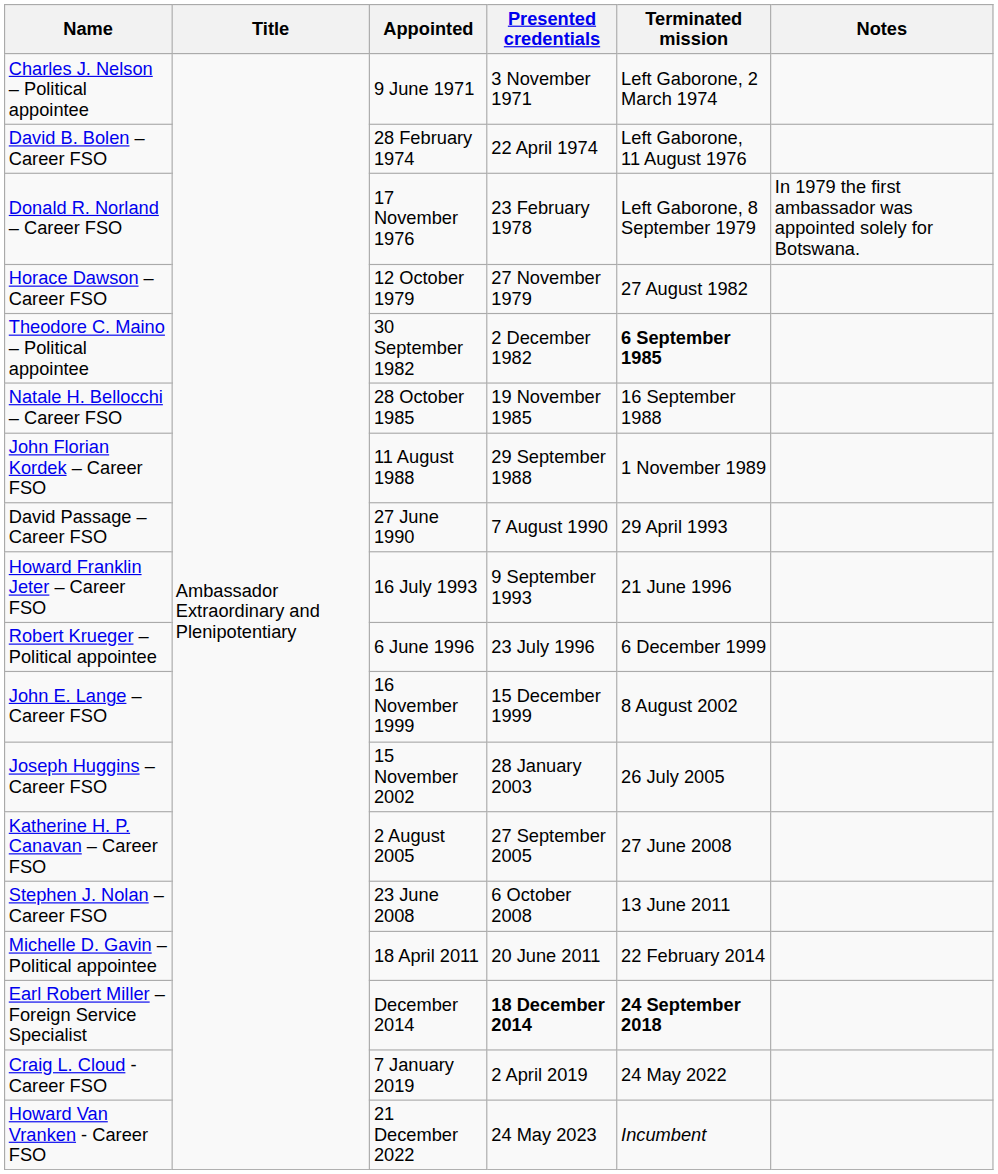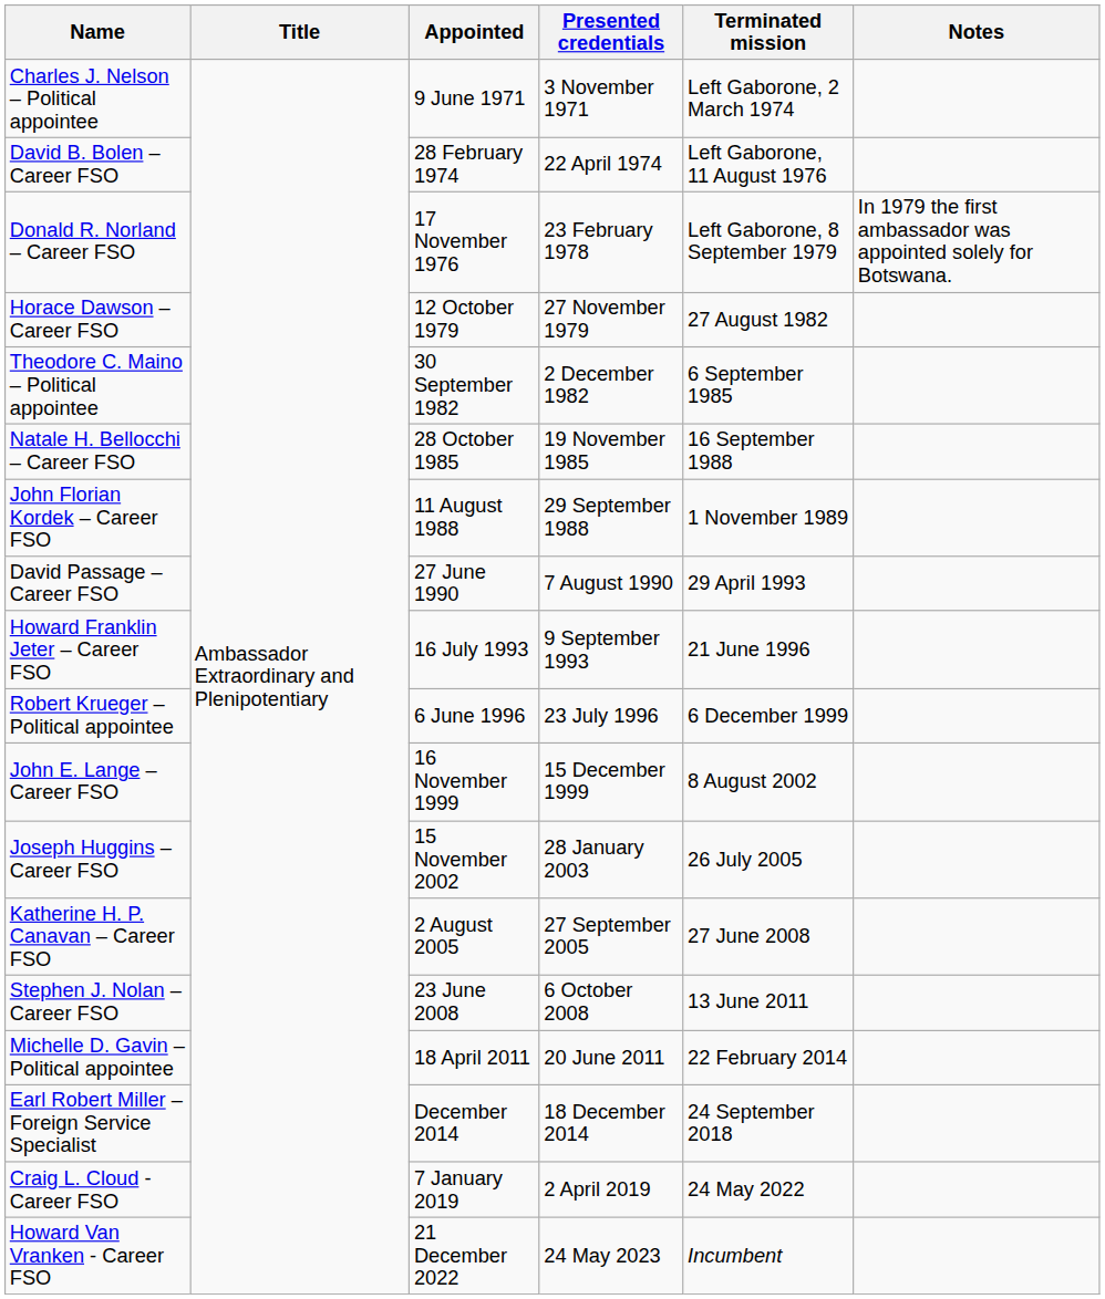 <table class="wikitable">
 <tr>
 <th>Name</th>
 <th>Title</th>
 <th>Appointed</th>
 <th><a href='#'>Presented credentials</a></th>
 <th>Terminated mission</th>
 <th>Notes</th>
 </tr>
 <tr>
 <td><a href='#'>Charles J. Nelson</a> – Political appointee</td>
 <td rowspan="18">Ambassador Extraordinary and Plenipotentiary</td>
 <td>9 June 1971</td>
 <td>3 November 1971</td>
 <td>Left Gaborone, 2 March 1974</td>
 <td></td>
 </tr>
 <tr>
 <td><a href='#'>David B. Bolen</a> – Career FSO</td>
 <td>28 February 1974</td>
 <td>22 April 1974</td>
 <td>Left Gaborone, 11 August 1976</td>
 <td></td>
 </tr>
 <tr>
 <td><a href='#'>Donald R. Norland</a> – Career FSO</td>
 <td>17 November 1976</td>
 <td>23 February 1978</td>
 <td>Left Gaborone, 8 September 1979</td>
 <td>In 1979 the first ambassador was appointed solely for Botswana.</td>
 </tr>
 <tr>
 <td><a href='#'>Horace Dawson</a> – Career FSO</td>
 <td>12 October 1979</td>
 <td>27 November 1979</td>
 <td>27 August 1982</td>
 <td></td>
 </tr>
 <tr>
 <td><a href='#'>Theodore C. Maino</a> – Political appointee</td>
 <td>30 September 1982</td>
 <td>2 December 1982</td>
-<td><strong>6 September 1985</strong></td>
+<td>6 September 1985</td>
 <td></td>
 </tr>
 <tr>
 <td><a href='#'>Natale H. Bellocchi</a> – Career FSO</td>
 <td>28 October 1985</td>
 <td>19 November 1985</td>
 <td>16 September 1988</td>
 <td></td>
 </tr>
 <tr>
 <td><a href='#'>John Florian Kordek</a> – Career FSO</td>
 <td>11 August 1988</td>
 <td>29 September 1988</td>
 <td>1 November 1989</td>
 <td></td>
 </tr>
 <tr>
 <td>David Passage – Career FSO</td>
 <td>27 June 1990</td>
 <td>7 August 1990</td>
 <td>29 April 1993</td>
 <td></td>
 </tr>
 <tr>
 <td><a href='#'>Howard Franklin Jeter</a> – Career FSO</td>
 <td>16 July 1993</td>
 <td>9 September 1993</td>
 <td>21 June 1996</td>
 <td></td>
 </tr>
 <tr>
 <td><a href='#'>Robert Krueger</a> – Political appointee</td>
 <td>6 June 1996</td>
 <td>23 July 1996</td>
 <td>6 December 1999</td>
 <td></td>
 </tr>
 <tr>
 <td><a href='#'>John E. Lange</a> – Career FSO</td>
 <td>16 November 1999</td>
 <td>15 December 1999</td>
 <td>8 August 2002</td>
 <td></td>
 </tr>
 <tr>
 <td><a href='#'>Joseph Huggins</a> – Career FSO</td>
 <td>15 November 2002</td>
 <td>28 January 2003</td>
 <td>26 July 2005</td>
 <td></td>
 </tr>
 <tr>
 <td><a href='#'>Katherine H. P. Canavan</a> – Career FSO</td>
 <td>2 August 2005</td>
 <td>27 September 2005</td>
 <td>27 June 2008</td>
 <td></td>
 </tr>
 <tr>
 <td><a href='#'>Stephen J. Nolan</a> – Career FSO</td>
 <td>23 June 2008</td>
 <td>6 October 2008</td>
 <td>13 June 2011</td>
 <td></td>
 </tr>
 <tr>
 <td><a href='#'>Michelle D. Gavin</a> – Political appointee</td>
 <td>18 April 2011</td>
 <td>20 June 2011</td>
 <td>22 February 2014</td>
 <td></td>
 </tr>
 <tr>
 <td><a href='#'>Earl Robert Miller</a> – Foreign Service Specialist</td>
 <td>December 2014</td>
-<td><strong>18 December 2014</strong></td>
-<td><strong>24 September 2018</strong></td>
+<td>18 December 2014</td>
+<td>24 September 2018</td>
 <td></td>
 </tr>
 <tr>
 <td><a href='#'>Craig L. Cloud</a> - Career FSO</td>
 <td>7 January 2019</td>
 <td>2 April 2019</td>
 <td>24 May 2022</td>
 <td></td>
 </tr>
 <tr>
 <td><a href='#'>Howard Van Vranken</a> - Career FSO</td>
 <td>21 December 2022</td>
 <td>24 May 2023</td>
 <td><em>Incumbent</em></td>
 <td></td>
 </tr>
 </table>
